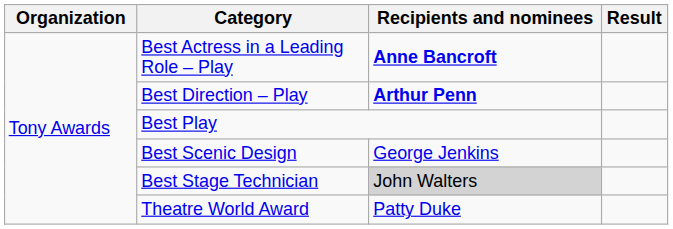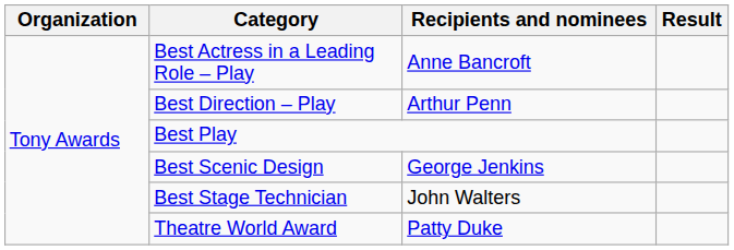 <table class="wikitable" width="95%" cellpadding="5">
 <tr>
 <th width="20%">Organization</th>
 <th width="35%">Category</th>
 <th width="35%">Recipients and nominees</th>
 <th width="10%">Result</th>
 </tr>
 <tr>
 <td rowspan="6"><a href='#'>Tony Awards</a></td>
 <td><a href='#'>Best Actress in a Leading Role – Play</a></td>
-<td><strong><a href='#'>Anne Bancroft</a></strong></td>
+<td><a href='#'>Anne Bancroft</a></td>
 <td></td>
 </tr>
 <tr>
 <td><a href='#'>Best Direction – Play</a></td>
-<td><strong><a href='#'>Arthur Penn</a></strong></td>
+<td><a href='#'>Arthur Penn</a></td>
 <td></td>
 </tr>
 <tr>
 <td colspan="2"><a href='#'>Best Play</a></td>
 <td></td>
 </tr>
 <tr>
 <td><a href='#'>Best Scenic Design</a></td>
 <td><a href='#'>George Jenkins</a></td>
 <td></td>
 </tr>
 <tr>
 <td><a href='#'>Best Stage Technician</a></td>
-<td style="background: lightgrey;">John Walters</td>
+<td>John Walters</td>
 <td></td>
 </tr>
 <tr>
 <td><a href='#'>Theatre World Award</a></td>
 <td><a href='#'>Patty Duke</a></td>
 <td></td>
 </tr>
 </table>
